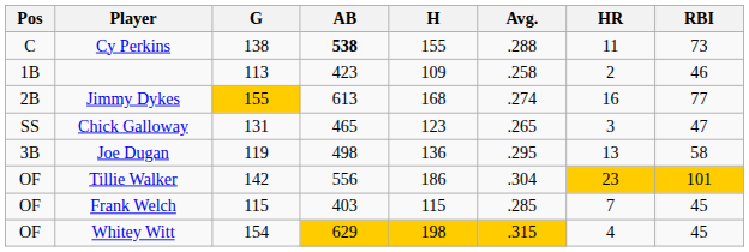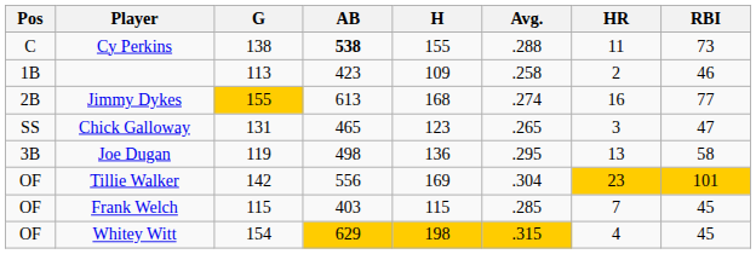 <table class="wikitable sortable">
 <tr>
 <th bgcolor="#DDDDFF" width="5%">Pos</th>
 <th bgcolor="#DDDDFF" width="16%">Player</th>
 <th bgcolor="#DDDDFF" width="9%">G</th>
 <th bgcolor="#DDDDFF" width="9%">AB</th>
 <th bgcolor="#DDDDFF" width="9%">H</th>
 <th bgcolor="#DDDDFF" width="9%">Avg.</th>
 <th bgcolor="#DDDDFF" width="9%">HR</th>
 <th bgcolor="#DDDDFF" width="9%">RBI</th>
 </tr>
 <tr align="center">
 <td>C</td>
 <td><a href='#'>Cy Perkins</a></td>
 <td>138</td>
 <td><strong>538</strong></td>
 <td>155</td>
 <td>.288</td>
 <td>11</td>
 <td>73</td>
 </tr>
 <tr align=center>
 <td>1B</td>
 <td></td>
 <td>113</td>
 <td>423</td>
 <td>109</td>
 <td>.258</td>
 <td>2</td>
 <td>46</td>
 </tr>
 <tr align="center">
 <td>2B</td>
 <td><a href='#'>Jimmy Dykes</a></td>
 <td style="background:#fc0;">155</td>
 <td>613</td>
 <td>168</td>
 <td>.274</td>
 <td>16</td>
 <td>77</td>
 </tr>
 <tr align=center>
 <td>SS</td>
 <td><a href='#'>Chick Galloway</a></td>
 <td>131</td>
 <td>465</td>
 <td>123</td>
 <td>.265</td>
 <td>3</td>
 <td>47</td>
 </tr>
 <tr align=center>
 <td>3B</td>
 <td><a href='#'>Joe Dugan</a></td>
 <td>119</td>
 <td>498</td>
 <td>136</td>
 <td>.295</td>
 <td>13</td>
 <td>58</td>
 </tr>
 <tr align=center>
 <td>OF</td>
 <td><a href='#'>Tillie Walker</a></td>
 <td>142</td>
 <td>556</td>
-<td>186</td>
+<td>169</td>
 <td>.304</td>
 <td style="background:#fc0;">23</td>
 <td style="background:#fc0;">101</td>
 </tr>
 <tr align=center>
 <td>OF</td>
 <td><a href='#'>Frank Welch</a></td>
 <td>115</td>
 <td>403</td>
 <td>115</td>
 <td>.285</td>
 <td>7</td>
 <td>45</td>
 </tr>
 <tr align=center>
 <td>OF</td>
 <td><a href='#'>Whitey Witt</a></td>
 <td>154</td>
 <td style="background:#fc0;">629</td>
 <td style="background:#fc0;">198</td>
 <td style="background:#fc0;">.315</td>
 <td>4</td>
 <td>45</td>
 </tr>
 </table>
